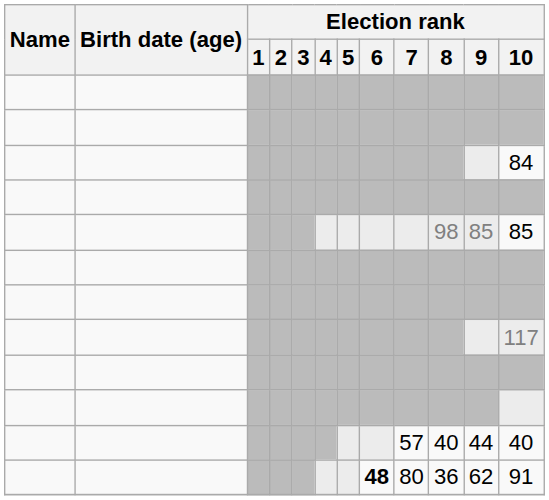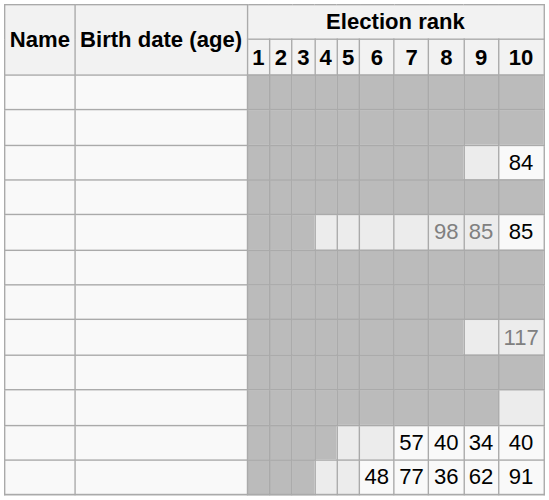 <table class="wikitable sortable"  style="text-align:center;">
 <tr>
 <th rowspan="2">Name</th>
 <th rowspan="2">Birth date (age)</th>
 <th colspan="10" class="unsortable">Election rank</th>
 </tr>
 <tr>
 <th data-sort-type="number">1</th>
 <th data-sort-type="number">2</th>
 <th data-sort-type="number">3</th>
 <th data-sort-type="number">4</th>
 <th data-sort-type="number">5</th>
 <th data-sort-type="number">6</th>
 <th date-sort-type="number">7</th>
 <th data-sort-type="number">8</th>
 <th data-sort-type="number">9</th>
 <th data-sort-type="number">10</th>
 </tr>
 <tr>
 <td style="text-align:left;" data-sort-value="Ishibashi, Ibuki"></td>
 <td style="text-align:left;"></td>
 <td style="background:#bbb;"> </td>
 <td style="background:#bbb;"> </td>
 <td style="background:#bbb;"> </td>
 <td style="background:#bbb;"> </td>
 <td style="background:#bbb;"> </td>
 <td style="background:#bbb;"> </td>
 <td style="background:#bbb;"> </td>
 <td style="background:#bbb;"> </td>
 <td style="background:#bbb;"> </td>
 <td style="background:#bbb;"> </td>
 </tr>
 <tr>
 <td style="text-align:left;" data-sort-value="Ichimura, Airi"></td>
 <td style="text-align:left;"></td>
 <td style="background:#bbb;"> </td>
 <td style="background:#bbb;"> </td>
 <td style="background:#bbb;"> </td>
 <td style="background:#bbb;"> </td>
 <td style="background:#bbb;"> </td>
 <td style="background:#bbb;"> </td>
 <td style="background:#bbb;"> </td>
 <td style="background:#bbb;"> </td>
 <td style="background:#bbb;"> </td>
 <td style="background:#bbb;"> </td>
 </tr>
 <tr>
 <td style="text-align:left;" data-sort-value="Unjō, Hirona"></td>
 <td style="text-align:left;"></td>
 <td style="background:#bbb;"> </td>
 <td style="background:#bbb;"> </td>
 <td style="background:#bbb;"> </td>
 <td style="background:#bbb;"> </td>
 <td style="background:#bbb;"> </td>
 <td style="background:#bbb;"> </td>
 <td style="background:#bbb;"> </td>
 <td style="background:#bbb;"> </td>
 <td style="background:#ececec; color:gray;"></td>
 <td>84</td>
 </tr>
 <tr>
 <td style="text-align:left;" data-sort-value="Kawahira, Hijiri"></td>
 <td style="text-align:left;"></td>
 <td style="background:#bbb;"> </td>
 <td style="background:#bbb;"> </td>
 <td style="background:#bbb;"> </td>
 <td style="background:#bbb;"> </td>
 <td style="background:#bbb;"> </td>
 <td style="background:#bbb;"> </td>
 <td style="background:#bbb;"> </td>
 <td style="background:#bbb;"> </td>
 <td style="background:#bbb;"> </td>
 <td style="background:#bbb;"> </td>
 </tr>
 <tr>
 <td style="text-align:left;" data-sort-value="Shimono, Yuki"></td>
 <td style="text-align:left;"></td>
 <td style="background:#bbb;"> </td>
 <td style="background:#bbb;"> </td>
 <td style="background:#bbb;"> </td>
 <td style="background:#ececec; color:gray;"></td>
 <td style="background:#ececec; color:gray;"></td>
 <td style="background:#ececec; color:gray;"></td>
 <td style="background:#ececec; color:gray;"></td>
 <td style="background:#ececec; color:gray;">98</td>
 <td style="background:#ececec; color:gray;">85</td>
 <td>85</td>
 </tr>
 <tr>
 <td style="text-align:left;" data-sort-value="Takemoto, Kurumi"></td>
 <td style="text-align:left;"></td>
 <td style="background:#bbb;"> </td>
 <td style="background:#bbb;"> </td>
 <td style="background:#bbb;"> </td>
 <td style="background:#bbb;"> </td>
 <td style="background:#bbb;"> </td>
 <td style="background:#bbb;"> </td>
 <td style="background:#bbb;"> </td>
 <td style="background:#bbb;"> </td>
 <td style="background:#bbb;"> </td>
 <td style="background:#bbb;"> </td>
 </tr>
 <tr>
 <td style="text-align:left;" data-sort-value="Tanaka, Iori"></td>
 <td style="text-align:left;"></td>
 <td style="background:#bbb;"> </td>
 <td style="background:#bbb;"> </td>
 <td style="background:#bbb;"> </td>
 <td style="background:#bbb;"> </td>
 <td style="background:#bbb;"> </td>
 <td style="background:#bbb;"> </td>
 <td style="background:#bbb;"> </td>
 <td style="background:#bbb;"> </td>
 <td style="background:#bbb;"> </td>
 <td style="background:#bbb;"> </td>
 </tr>
 <tr>
 <td style="text-align:left;" data-sort-value="Jitoe, Nene"></td>
 <td style="text-align:left;"></td>
 <td style="background:#bbb;"> </td>
 <td style="background:#bbb;"> </td>
 <td style="background:#bbb;"> </td>
 <td style="background:#bbb;"> </td>
 <td style="background:#bbb;"> </td>
 <td style="background:#bbb;"> </td>
 <td style="background:#bbb;"> </td>
 <td style="background:#bbb;"> </td>
 <td style="background:#ececec; color:gray;"></td>
 <td style="background:#ececec; color:gray;">117</td>
 </tr>
 <tr>
 <td style="text-align:left;" data-sort-value="Nagano, Miyabi"></td>
 <td style="text-align:left;"></td>
 <td style="background:#bbb;"> </td>
 <td style="background:#bbb;"> </td>
 <td style="background:#bbb;"> </td>
 <td style="background:#bbb;"> </td>
 <td style="background:#bbb;"> </td>
 <td style="background:#bbb;"> </td>
 <td style="background:#bbb;"> </td>
 <td style="background:#bbb;"> </td>
 <td style="background:#bbb;"> </td>
 <td style="background:#bbb;"> </td>
 </tr>
 <tr>
 <td style="text-align:left;" data-sort-value="Baba, Sayaka"></td>
 <td style="text-align:left;"></td>
 <td style="background:#bbb;"> </td>
 <td style="background:#bbb;"> </td>
 <td style="background:#bbb;"> </td>
 <td style="background:#bbb;"> </td>
 <td style="background:#bbb;"> </td>
 <td style="background:#bbb;"> </td>
 <td style="background:#bbb;"> </td>
 <td style="background:#bbb;"> </td>
 <td style="background:#bbb;"> </td>
 <td style="background:#ececec; color:gray;"></td>
 </tr>
 <tr>
 <td style="text-align:left;" data-sort-value="Fuchigami, Mai "></td>
 <td style="text-align:left;"></td>
 <td style="background:#bbb;"> </td>
 <td style="background:#bbb;"> </td>
 <td style="background:#bbb;"> </td>
 <td style="background:#bbb;"> </td>
 <td style="background:#ececec; color:gray;"></td>
 <td style="background:#ececec; color:gray;"></td>
 <td>57</td>
 <td>40</td>
-<td>44</td>
+<td>34</td>
 <td>40</td>
 </tr>
 <tr>
 <td style="text-align:left;" data-sort-value="Motomura, Aoi"></td>
 <td style="text-align:left;"></td>
 <td style="background:#bbb;"> </td>
 <td style="background:#bbb;"> </td>
 <td style="background:#bbb;"> </td>
 <td style="background:#ececec; color:gray;"></td>
 <td style="background:#ececec; color:gray;"></td>
-<td><strong>48</strong></td>
-<td>80</td>
+<td>48</td>
+<td>77</td>
 <td>36</td>
 <td>62</td>
 <td>91</td>
 </tr>
 <tr>
 </tr>
 </table>
